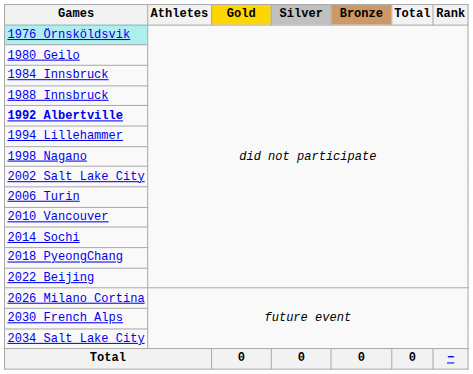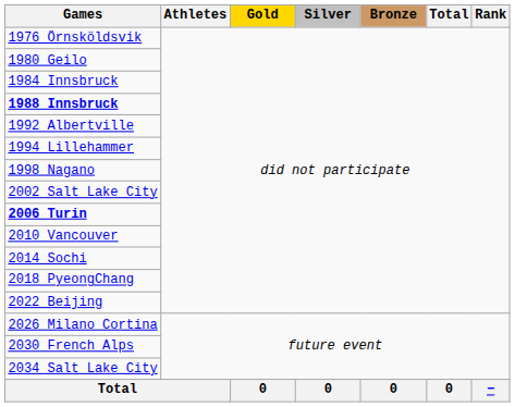 <table class="wikitable" style="text-align:center; font-size:90%;">
 <tr>
 <th>Games</th>
 <th>Athletes</th>
 <th style="background:gold; width:4.5em; font-weight:bold;">Gold</th>
 <th style="background:silver; width:4.5em; font-weight:bold;">Silver</th>
 <th style="background:#cc9966; width:4.5em; font-weight:bold;">Bronze</th>
 <th>Total</th>
 <th>Rank</th>
 </tr>
 <tr>
-<td align=left style="background: paleturquoise;"><a href='#'>1976 Örnsköldsvik</a></td>
+<td align=left><a href='#'>1976 Örnsköldsvik</a></td>
 <td colspan=6 rowspan=13><em>did not participate</em></td>
 </tr>
 <tr>
 <td align=left><a href='#'>1980 Geilo</a></td>
 </tr>
 <tr>
 <td align=left><a href='#'>1984 Innsbruck</a></td>
 </tr>
 <tr>
-<td align=left><a href='#'>1988 Innsbruck</a></td>
+<td align=left><strong><a href='#'>1988 Innsbruck</a></strong></td>
 </tr>
 <tr>
-<td align=left><strong><a href='#'>1992 Albertville</a></strong></td>
+<td align=left><a href='#'>1992 Albertville</a></td>
 </tr>
 <tr>
 <td align=left><a href='#'>1994 Lillehammer</a></td>
 </tr>
 <tr>
 <td align=left><a href='#'>1998 Nagano</a></td>
 </tr>
 <tr>
 <td align=left><a href='#'>2002 Salt Lake City</a></td>
 </tr>
 <tr>
-<td align=left><a href='#'>2006 Turin</a></td>
+<td align=left><strong><a href='#'>2006 Turin</a></strong></td>
 </tr>
 <tr>
 <td align=left><a href='#'>2010 Vancouver</a></td>
 </tr>
 <tr>
 <td align=left><a href='#'>2014 Sochi</a></td>
 </tr>
 <tr>
 <td align=left><a href='#'>2018 PyeongChang</a></td>
 </tr>
 <tr>
 <td align=left><a href='#'>2022 Beijing</a></td>
 </tr>
 <tr>
 <td align=left><a href='#'>2026 Milano Cortina</a></td>
 <td colspan=6; rowspan=3><em>future event</em></td>
 </tr>
 <tr>
 <td align=left><a href='#'>2030 French Alps</a></td>
 </tr>
 <tr>
 <td align=left><a href='#'>2034 Salt Lake City</a></td>
 </tr>
 <tr>
 <th colspan=2>Total</th>
 <th>0</th>
 <th>0</th>
 <th>0</th>
 <th>0</th>
 <th><a href='#'>−</a></th>
 </tr>
 </table>
